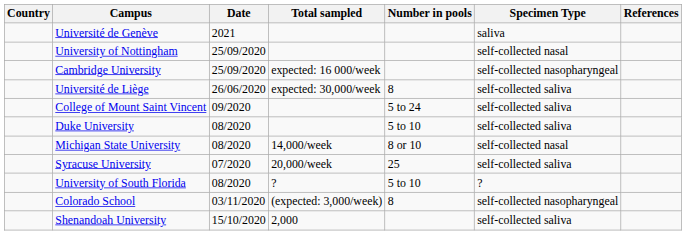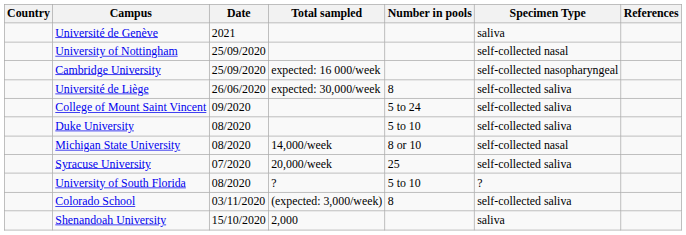 <table class="wikitable">
 <tr>
 <th>Country</th>
 <th>Campus</th>
 <th>Date</th>
 <th>Total sampled</th>
 <th>Number in pools</th>
 <th>Specimen Type</th>
 <th>References</th>
 </tr>
 <tr>
 <td></td>
 <td><a href='#'>Université de Genève</a></td>
 <td>2021</td>
 <td></td>
 <td></td>
 <td>saliva</td>
 <td><br></td>
 </tr>
 <tr>
 <td></td>
 <td><a href='#'>University of Nottingham</a></td>
 <td>25/09/2020</td>
 <td></td>
 <td></td>
 <td>self-collected nasal</td>
 <td><br></td>
 </tr>
 <tr>
 <td></td>
 <td><a href='#'>Cambridge University</a></td>
 <td>25/09/2020</td>
 <td>expected: 16 000/week</td>
 <td></td>
 <td>self-collected nasopharyngeal</td>
 <td><br></td>
 </tr>
 <tr>
 <td></td>
 <td><a href='#'>Université de Liège</a></td>
 <td>26/06/2020</td>
 <td>expected: 30,000/week</td>
 <td>8</td>
 <td>self-collected saliva</td>
 <td><br> </td>
 </tr>
 <tr>
 <td></td>
 <td><a href='#'>College of Mount Saint Vincent</a></td>
 <td>09/2020</td>
 <td></td>
 <td>5 to 24</td>
 <td>self-collected saliva</td>
 <td><br></td>
 </tr>
 <tr>
 <td></td>
 <td><a href='#'>Duke University</a></td>
 <td>08/2020</td>
 <td></td>
 <td>5 to 10</td>
 <td>self-collected saliva</td>
 <td><br></td>
 </tr>
 <tr>
 <td></td>
 <td><a href='#'>Michigan State University</a></td>
 <td>08/2020</td>
 <td>14,000/week</td>
 <td>8 or 10</td>
 <td>self-collected nasal</td>
 <td><br></td>
 </tr>
 <tr>
 <td></td>
 <td><a href='#'>Syracuse University</a></td>
 <td>07/2020</td>
 <td>20,000/week</td>
 <td>25</td>
 <td>self-collected saliva</td>
 <td><br></td>
 </tr>
 <tr>
 <td></td>
 <td><a href='#'>University of South Florida</a></td>
 <td>08/2020</td>
 <td>?</td>
 <td>5 to 10</td>
 <td>?</td>
 <td><br></td>
 </tr>
 <tr>
 <td></td>
 <td><a href='#'>Colorado School</a></td>
 <td>03/11/2020</td>
 <td>(expected: 3,000/week)</td>
 <td>8</td>
-<td>self-collected nasopharyngeal</td>
+<td>self-collected saliva</td>
 <td><br></td>
 </tr>
 <tr>
 <td></td>
 <td><a href='#'>Shenandoah University</a></td>
 <td>15/10/2020</td>
 <td>2,000</td>
 <td></td>
-<td>self-collected saliva</td>
+<td>saliva</td>
 <td><br></td>
 </tr>
 </table>
